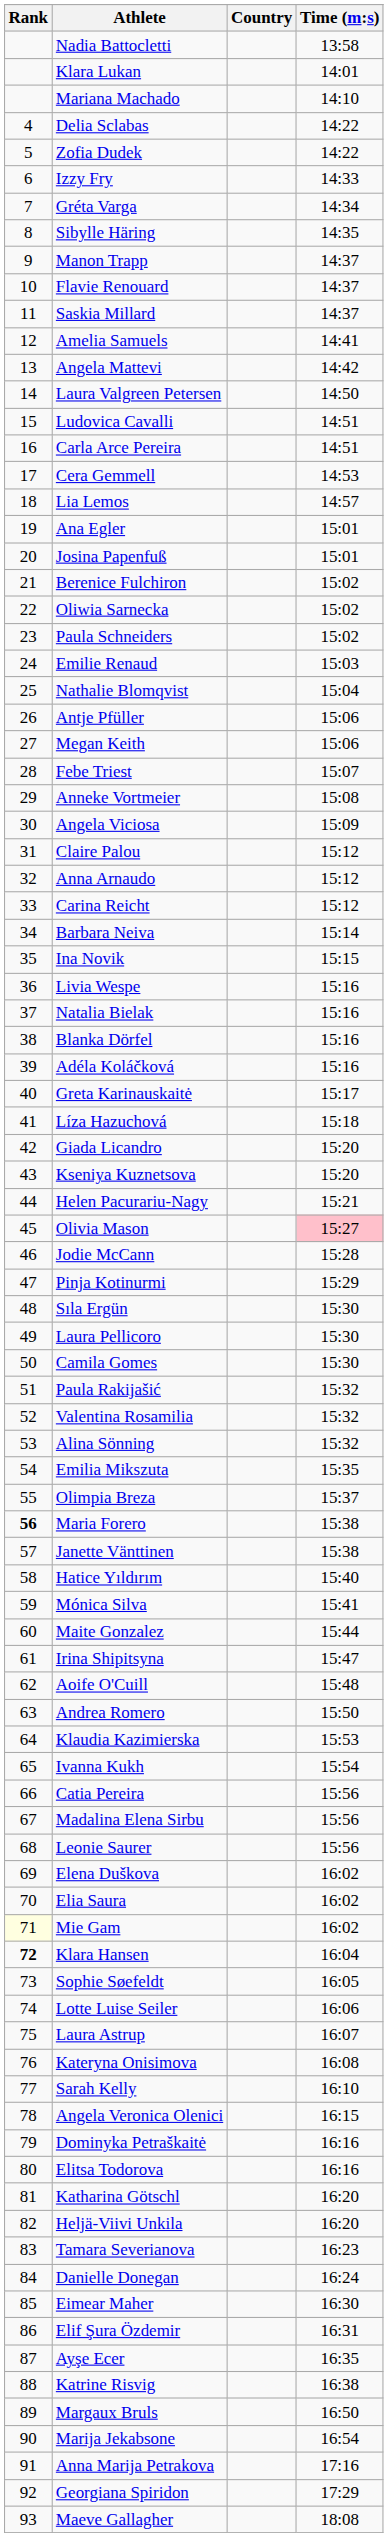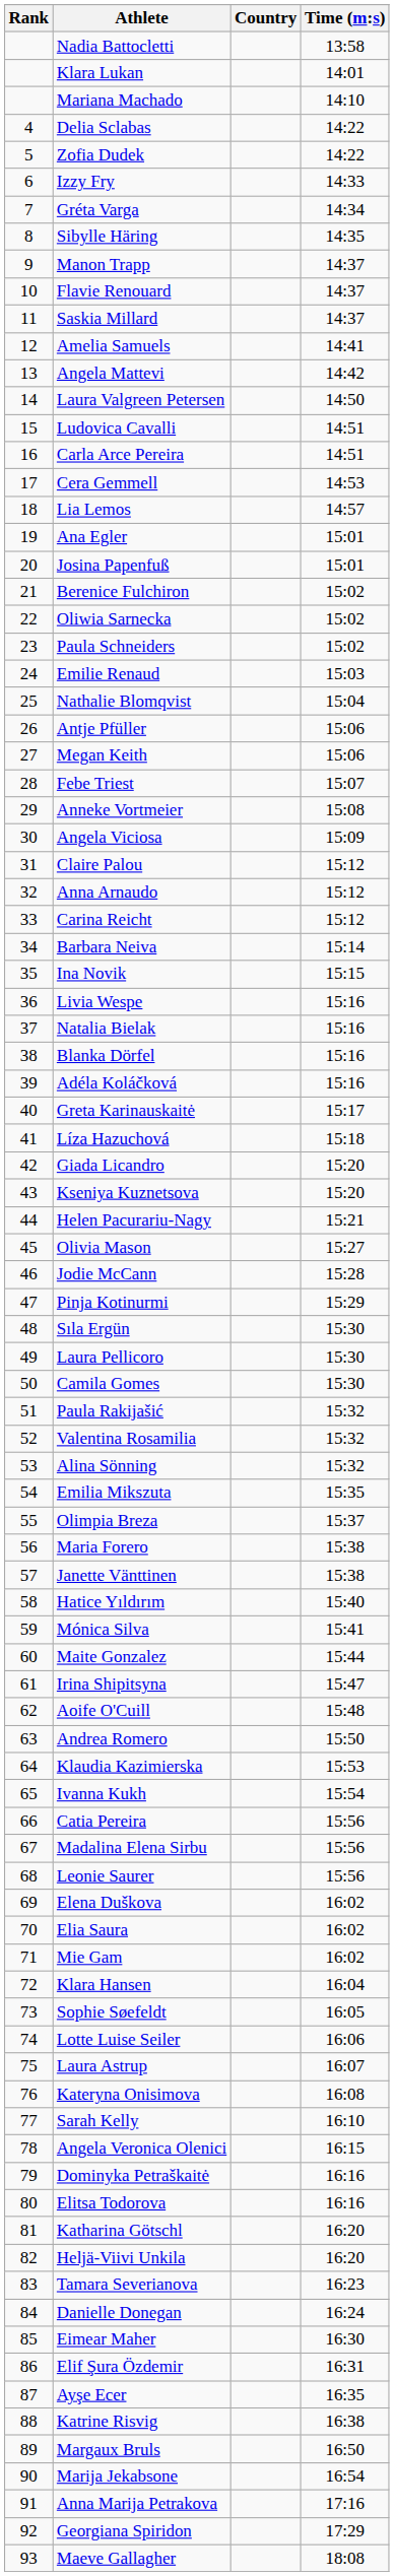 <table class="wikitable sortable" style="text-align:center;">
 <tr>
 </tr>
 <tr>
 <th>Rank</th>
 <th>Athlete</th>
 <th>Country</th>
 <th>Time (<a href='#'>m</a>:<a href='#'>s</a>)</th>
 </tr>
 <tr>
 <td></td>
 <td align=left><a href='#'>Nadia Battocletti</a></td>
 <td align=left></td>
 <td>13:58</td>
 </tr>
 <tr>
 <td></td>
 <td align=left><a href='#'>Klara Lukan</a></td>
 <td align=left></td>
 <td>14:01</td>
 </tr>
 <tr>
 <td></td>
 <td align=left><a href='#'>Mariana Machado</a></td>
 <td align=left></td>
 <td>14:10</td>
 </tr>
 <tr>
 <td>4</td>
 <td align=left><a href='#'>Delia Sclabas</a></td>
 <td align=left></td>
 <td>14:22</td>
 </tr>
 <tr>
 <td>5</td>
 <td align=left><a href='#'>Zofia Dudek</a></td>
 <td align=left></td>
 <td>14:22</td>
 </tr>
 <tr>
 <td>6</td>
 <td align=left><a href='#'>Izzy Fry</a></td>
 <td align=left></td>
 <td>14:33</td>
 </tr>
 <tr>
 <td>7</td>
 <td align=left><a href='#'>Gréta Varga</a></td>
 <td align=left></td>
 <td>14:34</td>
 </tr>
 <tr>
 <td>8</td>
 <td align=left><a href='#'>Sibylle Häring</a></td>
 <td align=left></td>
 <td>14:35</td>
 </tr>
 <tr>
 <td>9</td>
 <td align=left><a href='#'>Manon Trapp</a></td>
 <td align=left></td>
 <td>14:37</td>
 </tr>
 <tr>
 <td>10</td>
 <td align=left><a href='#'>Flavie Renouard</a></td>
 <td align=left></td>
 <td>14:37</td>
 </tr>
 <tr>
 <td>11</td>
 <td align=left><a href='#'>Saskia Millard</a></td>
 <td align=left></td>
 <td>14:37</td>
 </tr>
 <tr>
 <td>12</td>
 <td align=left><a href='#'>Amelia Samuels</a></td>
 <td align=left></td>
 <td>14:41</td>
 </tr>
 <tr>
 <td>13</td>
 <td align=left><a href='#'>Angela Mattevi</a></td>
 <td align=left></td>
 <td>14:42</td>
 </tr>
 <tr>
 <td>14</td>
 <td align=left><a href='#'>Laura Valgreen Petersen</a></td>
 <td align=left></td>
 <td>14:50</td>
 </tr>
 <tr>
 <td>15</td>
 <td align=left><a href='#'>Ludovica Cavalli</a></td>
 <td align=left></td>
 <td>14:51</td>
 </tr>
 <tr>
 <td>16</td>
 <td align=left><a href='#'>Carla Arce Pereira</a></td>
 <td align=left></td>
 <td>14:51</td>
 </tr>
 <tr>
 <td>17</td>
 <td align=left><a href='#'>Cera Gemmell</a></td>
 <td align=left></td>
 <td>14:53</td>
 </tr>
 <tr>
 <td>18</td>
 <td align=left><a href='#'>Lia Lemos</a></td>
 <td align=left></td>
 <td>14:57</td>
 </tr>
 <tr>
 <td>19</td>
 <td align=left><a href='#'>Ana Egler</a></td>
 <td align=left></td>
 <td>15:01</td>
 </tr>
 <tr>
 <td>20</td>
 <td align=left><a href='#'>Josina Papenfuß</a></td>
 <td align=left></td>
 <td>15:01</td>
 </tr>
 <tr>
 <td>21</td>
 <td align=left><a href='#'>Berenice Fulchiron</a></td>
 <td align=left></td>
 <td>15:02</td>
 </tr>
 <tr>
 <td>22</td>
 <td align=left><a href='#'>Oliwia Sarnecka</a></td>
 <td align=left></td>
 <td>15:02</td>
 </tr>
 <tr>
 <td>23</td>
 <td align=left><a href='#'>Paula Schneiders</a></td>
 <td align=left></td>
 <td>15:02</td>
 </tr>
 <tr>
 <td>24</td>
 <td align=left><a href='#'>Emilie Renaud</a></td>
 <td align=left></td>
 <td>15:03</td>
 </tr>
 <tr>
 <td>25</td>
 <td align=left><a href='#'>Nathalie Blomqvist</a></td>
 <td align=left></td>
 <td>15:04</td>
 </tr>
 <tr>
 <td>26</td>
 <td align=left><a href='#'>Antje Pfüller</a></td>
 <td align=left></td>
 <td>15:06</td>
 </tr>
 <tr>
 <td>27</td>
 <td align=left><a href='#'>Megan Keith</a></td>
 <td align=left></td>
 <td>15:06</td>
 </tr>
 <tr>
 <td>28</td>
 <td align=left><a href='#'>Febe Triest</a></td>
 <td align=left></td>
 <td>15:07</td>
 </tr>
 <tr>
 <td>29</td>
 <td align=left><a href='#'>Anneke Vortmeier</a></td>
 <td align=left></td>
 <td>15:08</td>
 </tr>
 <tr>
 <td>30</td>
 <td align=left><a href='#'>Angela Viciosa</a></td>
 <td align=left></td>
 <td>15:09</td>
 </tr>
 <tr>
 <td>31</td>
 <td align=left><a href='#'>Claire Palou</a></td>
 <td align=left></td>
 <td>15:12</td>
 </tr>
 <tr>
 <td>32</td>
 <td align=left><a href='#'>Anna Arnaudo</a></td>
 <td align=left></td>
 <td>15:12</td>
 </tr>
 <tr>
 <td>33</td>
 <td align=left><a href='#'>Carina Reicht</a></td>
 <td align=left></td>
 <td>15:12</td>
 </tr>
 <tr>
 <td>34</td>
 <td align=left><a href='#'>Barbara Neiva</a></td>
 <td align=left></td>
 <td>15:14</td>
 </tr>
 <tr>
 <td>35</td>
 <td align=left><a href='#'>Ina Novik</a></td>
 <td align=left></td>
 <td>15:15</td>
 </tr>
 <tr>
 <td>36</td>
 <td align=left><a href='#'>Livia Wespe</a></td>
 <td align=left></td>
 <td>15:16</td>
 </tr>
 <tr>
 <td>37</td>
 <td align=left><a href='#'>Natalia Bielak</a></td>
 <td align=left></td>
 <td>15:16</td>
 </tr>
 <tr>
 <td>38</td>
 <td align=left><a href='#'>Blanka Dörfel</a></td>
 <td align=left></td>
 <td>15:16</td>
 </tr>
 <tr>
 <td>39</td>
 <td align=left><a href='#'>Adéla Koláčková</a></td>
 <td align=left></td>
 <td>15:16</td>
 </tr>
 <tr>
 <td>40</td>
 <td align=left><a href='#'>Greta Karinauskaitė</a></td>
 <td align=left></td>
 <td>15:17</td>
 </tr>
 <tr>
 <td>41</td>
 <td align=left><a href='#'>Líza Hazuchová</a></td>
 <td align=left></td>
 <td>15:18</td>
 </tr>
 <tr>
 <td>42</td>
 <td align=left><a href='#'>Giada Licandro</a></td>
 <td align=left></td>
 <td>15:20</td>
 </tr>
 <tr>
 <td>43</td>
 <td align=left><a href='#'>Kseniya Kuznetsova</a></td>
 <td align=left></td>
 <td>15:20</td>
 </tr>
 <tr>
 <td>44</td>
 <td align=left><a href='#'>Helen Pacurariu-Nagy</a></td>
 <td align=left></td>
 <td>15:21</td>
 </tr>
 <tr>
 <td>45</td>
 <td align=left><a href='#'>Olivia Mason</a></td>
 <td align=left></td>
-<td style="background: pink;">15:27</td>
+<td>15:27</td>
 </tr>
 <tr>
 <td>46</td>
 <td align=left><a href='#'>Jodie McCann</a></td>
 <td align=left></td>
 <td>15:28</td>
 </tr>
 <tr>
 <td>47</td>
 <td align=left><a href='#'>Pinja Kotinurmi</a></td>
 <td align=left></td>
 <td>15:29</td>
 </tr>
 <tr>
 <td>48</td>
 <td align=left><a href='#'>Sıla Ergün</a></td>
 <td align=left></td>
 <td>15:30</td>
 </tr>
 <tr>
 <td>49</td>
 <td align=left><a href='#'>Laura Pellicoro</a></td>
 <td align=left></td>
 <td>15:30</td>
 </tr>
 <tr>
 <td>50</td>
 <td align=left><a href='#'>Camila Gomes</a></td>
 <td align=left></td>
 <td>15:30</td>
 </tr>
 <tr>
 <td>51</td>
 <td align=left><a href='#'>Paula Rakijašić</a></td>
 <td align=left></td>
 <td>15:32</td>
 </tr>
 <tr>
 <td>52</td>
 <td align=left><a href='#'>Valentina Rosamilia</a></td>
 <td align=left></td>
 <td>15:32</td>
 </tr>
 <tr>
 <td>53</td>
 <td align=left><a href='#'>Alina Sönning</a></td>
 <td align=left></td>
 <td>15:32</td>
 </tr>
 <tr>
 <td>54</td>
 <td align=left><a href='#'>Emilia Mikszuta</a></td>
 <td align=left></td>
 <td>15:35</td>
 </tr>
 <tr>
 <td>55</td>
 <td align=left><a href='#'>Olimpia Breza</a></td>
 <td align=left></td>
 <td>15:37</td>
 </tr>
 <tr>
-<td><strong>56</strong></td>
+<td>56</td>
 <td align=left><a href='#'>Maria Forero</a></td>
 <td align=left></td>
 <td>15:38</td>
 </tr>
 <tr>
 <td>57</td>
 <td align=left><a href='#'>Janette Vänttinen</a></td>
 <td align=left></td>
 <td>15:38</td>
 </tr>
 <tr>
 <td>58</td>
 <td align=left><a href='#'>Hatice Yıldırım</a></td>
 <td align=left></td>
 <td>15:40</td>
 </tr>
 <tr>
 <td>59</td>
 <td align=left><a href='#'>Mónica Silva</a></td>
 <td align=left></td>
 <td>15:41</td>
 </tr>
 <tr>
 <td>60</td>
 <td align=left><a href='#'>Maite Gonzalez</a></td>
 <td align=left></td>
 <td>15:44</td>
 </tr>
 <tr>
 <td>61</td>
 <td align=left><a href='#'>Irina Shipitsyna</a></td>
 <td align=left></td>
 <td>15:47</td>
 </tr>
 <tr>
 <td>62</td>
 <td align=left><a href='#'>Aoife O'Cuill</a></td>
 <td align=left></td>
 <td>15:48</td>
 </tr>
 <tr>
 <td>63</td>
 <td align=left><a href='#'>Andrea Romero</a></td>
 <td align=left></td>
 <td>15:50</td>
 </tr>
 <tr>
 <td>64</td>
 <td align=left><a href='#'>Klaudia Kazimierska</a></td>
 <td align=left></td>
 <td>15:53</td>
 </tr>
 <tr>
 <td>65</td>
 <td align=left><a href='#'>Ivanna Kukh</a></td>
 <td align=left></td>
 <td>15:54</td>
 </tr>
 <tr>
 <td>66</td>
 <td align=left><a href='#'>Catia Pereira</a></td>
 <td align=left></td>
 <td>15:56</td>
 </tr>
 <tr>
 <td>67</td>
 <td align=left><a href='#'>Madalina Elena Sirbu</a></td>
 <td align=left></td>
 <td>15:56</td>
 </tr>
 <tr>
 <td>68</td>
 <td align=left><a href='#'>Leonie Saurer</a></td>
 <td align=left></td>
 <td>15:56</td>
 </tr>
 <tr>
 <td>69</td>
 <td align=left><a href='#'>Elena Duškova</a></td>
 <td align=left></td>
 <td>16:02</td>
 </tr>
 <tr>
 <td>70</td>
 <td align=left><a href='#'>Elia Saura</a></td>
 <td align=left></td>
 <td>16:02</td>
 </tr>
 <tr>
-<td style="background: lightyellow;">71</td>
+<td>71</td>
 <td align=left><a href='#'>Mie Gam</a></td>
 <td align=left></td>
 <td>16:02</td>
 </tr>
 <tr>
-<td><strong>72</strong></td>
+<td>72</td>
 <td align=left><a href='#'>Klara Hansen</a></td>
 <td align=left></td>
 <td>16:04</td>
 </tr>
 <tr>
 <td>73</td>
 <td align=left><a href='#'>Sophie Søefeldt</a></td>
 <td align=left></td>
 <td>16:05</td>
 </tr>
 <tr>
 <td>74</td>
 <td align=left><a href='#'>Lotte Luise Seiler</a></td>
 <td align=left></td>
 <td>16:06</td>
 </tr>
 <tr>
 <td>75</td>
 <td align=left><a href='#'>Laura Astrup</a></td>
 <td align=left></td>
 <td>16:07</td>
 </tr>
 <tr>
 <td>76</td>
 <td align=left><a href='#'>Kateryna Onisimova</a></td>
 <td align=left></td>
 <td>16:08</td>
 </tr>
 <tr>
 <td>77</td>
 <td align=left><a href='#'>Sarah Kelly</a></td>
 <td align=left></td>
 <td>16:10</td>
 </tr>
 <tr>
 <td>78</td>
 <td align=left><a href='#'>Angela Veronica Olenici</a></td>
 <td align=left></td>
 <td>16:15</td>
 </tr>
 <tr>
 <td>79</td>
 <td align=left><a href='#'>Dominyka Petraškaitė</a></td>
 <td align=left></td>
 <td>16:16</td>
 </tr>
 <tr>
 <td>80</td>
 <td align=left><a href='#'>Elitsa Todorova</a></td>
 <td align=left></td>
 <td>16:16</td>
 </tr>
 <tr>
 <td>81</td>
 <td align=left><a href='#'>Katharina Götschl</a></td>
 <td align=left></td>
 <td>16:20</td>
 </tr>
 <tr>
 <td>82</td>
 <td align=left><a href='#'>Heljä-Viivi Unkila</a></td>
 <td align=left></td>
 <td>16:20</td>
 </tr>
 <tr>
 <td>83</td>
 <td align=left><a href='#'>Tamara Severianova</a></td>
 <td align=left></td>
 <td>16:23</td>
 </tr>
 <tr>
 <td>84</td>
 <td align=left><a href='#'>Danielle Donegan</a></td>
 <td align=left></td>
 <td>16:24</td>
 </tr>
 <tr>
 <td>85</td>
 <td align=left><a href='#'>Eimear Maher</a></td>
 <td align=left></td>
 <td>16:30</td>
 </tr>
 <tr>
 <td>86</td>
 <td align=left><a href='#'>Elif Şura Özdemir</a></td>
 <td align=left></td>
 <td>16:31</td>
 </tr>
 <tr>
 <td>87</td>
 <td align=left><a href='#'>Ayşe Ecer</a></td>
 <td align=left></td>
 <td>16:35</td>
 </tr>
 <tr>
 <td>88</td>
 <td align=left><a href='#'>Katrine Risvig</a></td>
 <td align=left></td>
 <td>16:38</td>
 </tr>
 <tr>
 <td>89</td>
 <td align=left><a href='#'>Margaux Bruls</a></td>
 <td align=left></td>
 <td>16:50</td>
 </tr>
 <tr>
 <td>90</td>
 <td align=left><a href='#'>Marija Jekabsone</a></td>
 <td align=left></td>
 <td>16:54</td>
 </tr>
 <tr>
 <td>91</td>
 <td align=left><a href='#'>Anna Marija Petrakova</a></td>
 <td align=left></td>
 <td>17:16</td>
 </tr>
 <tr>
 <td>92</td>
 <td align=left><a href='#'>Georgiana Spiridon</a></td>
 <td align=left></td>
 <td>17:29</td>
 </tr>
 <tr>
 <td>93</td>
 <td align=left><a href='#'>Maeve Gallagher</a></td>
 <td align=left></td>
 <td>18:08</td>
 </tr>
 </table>
